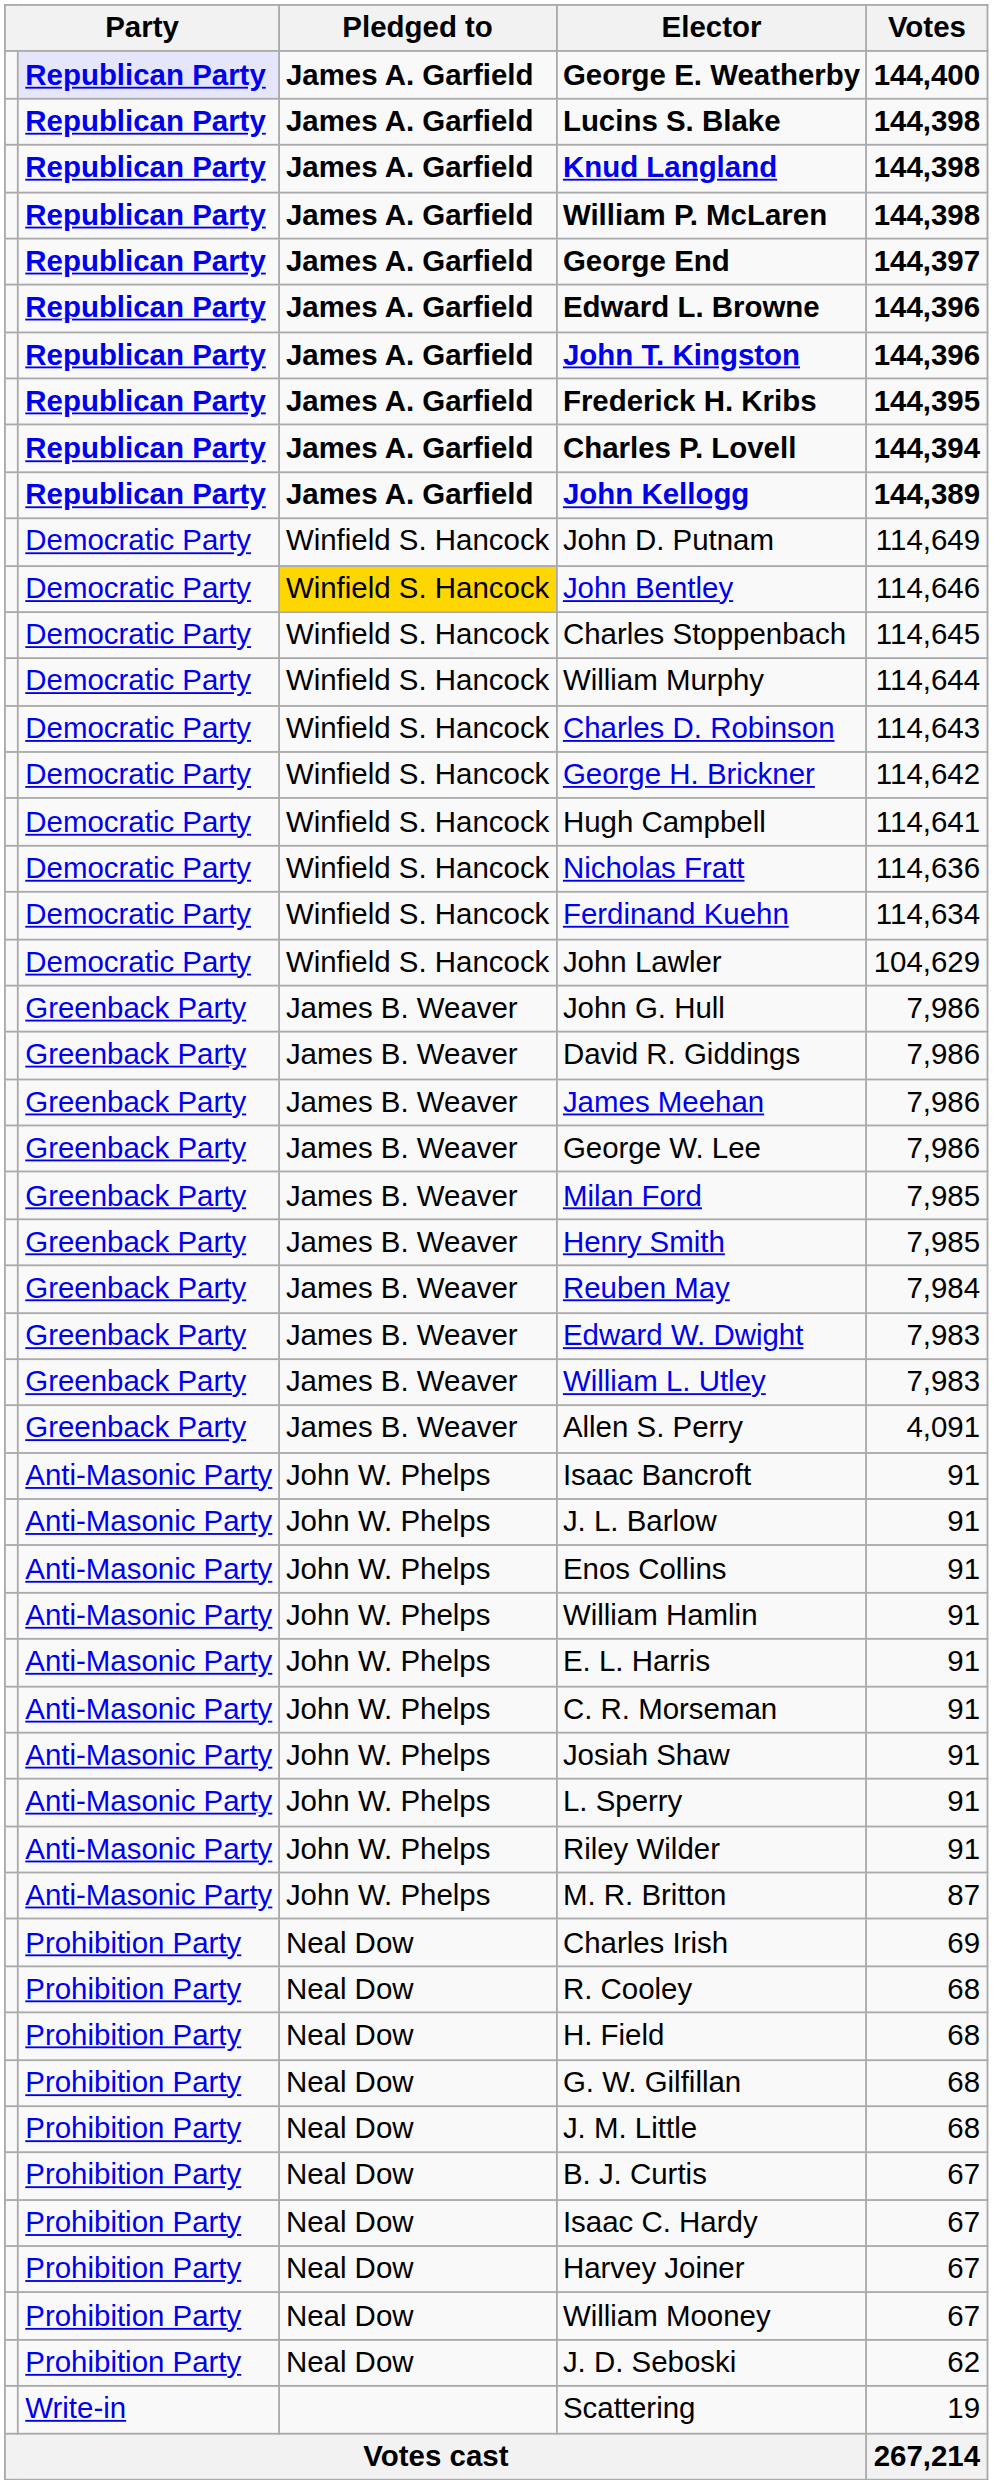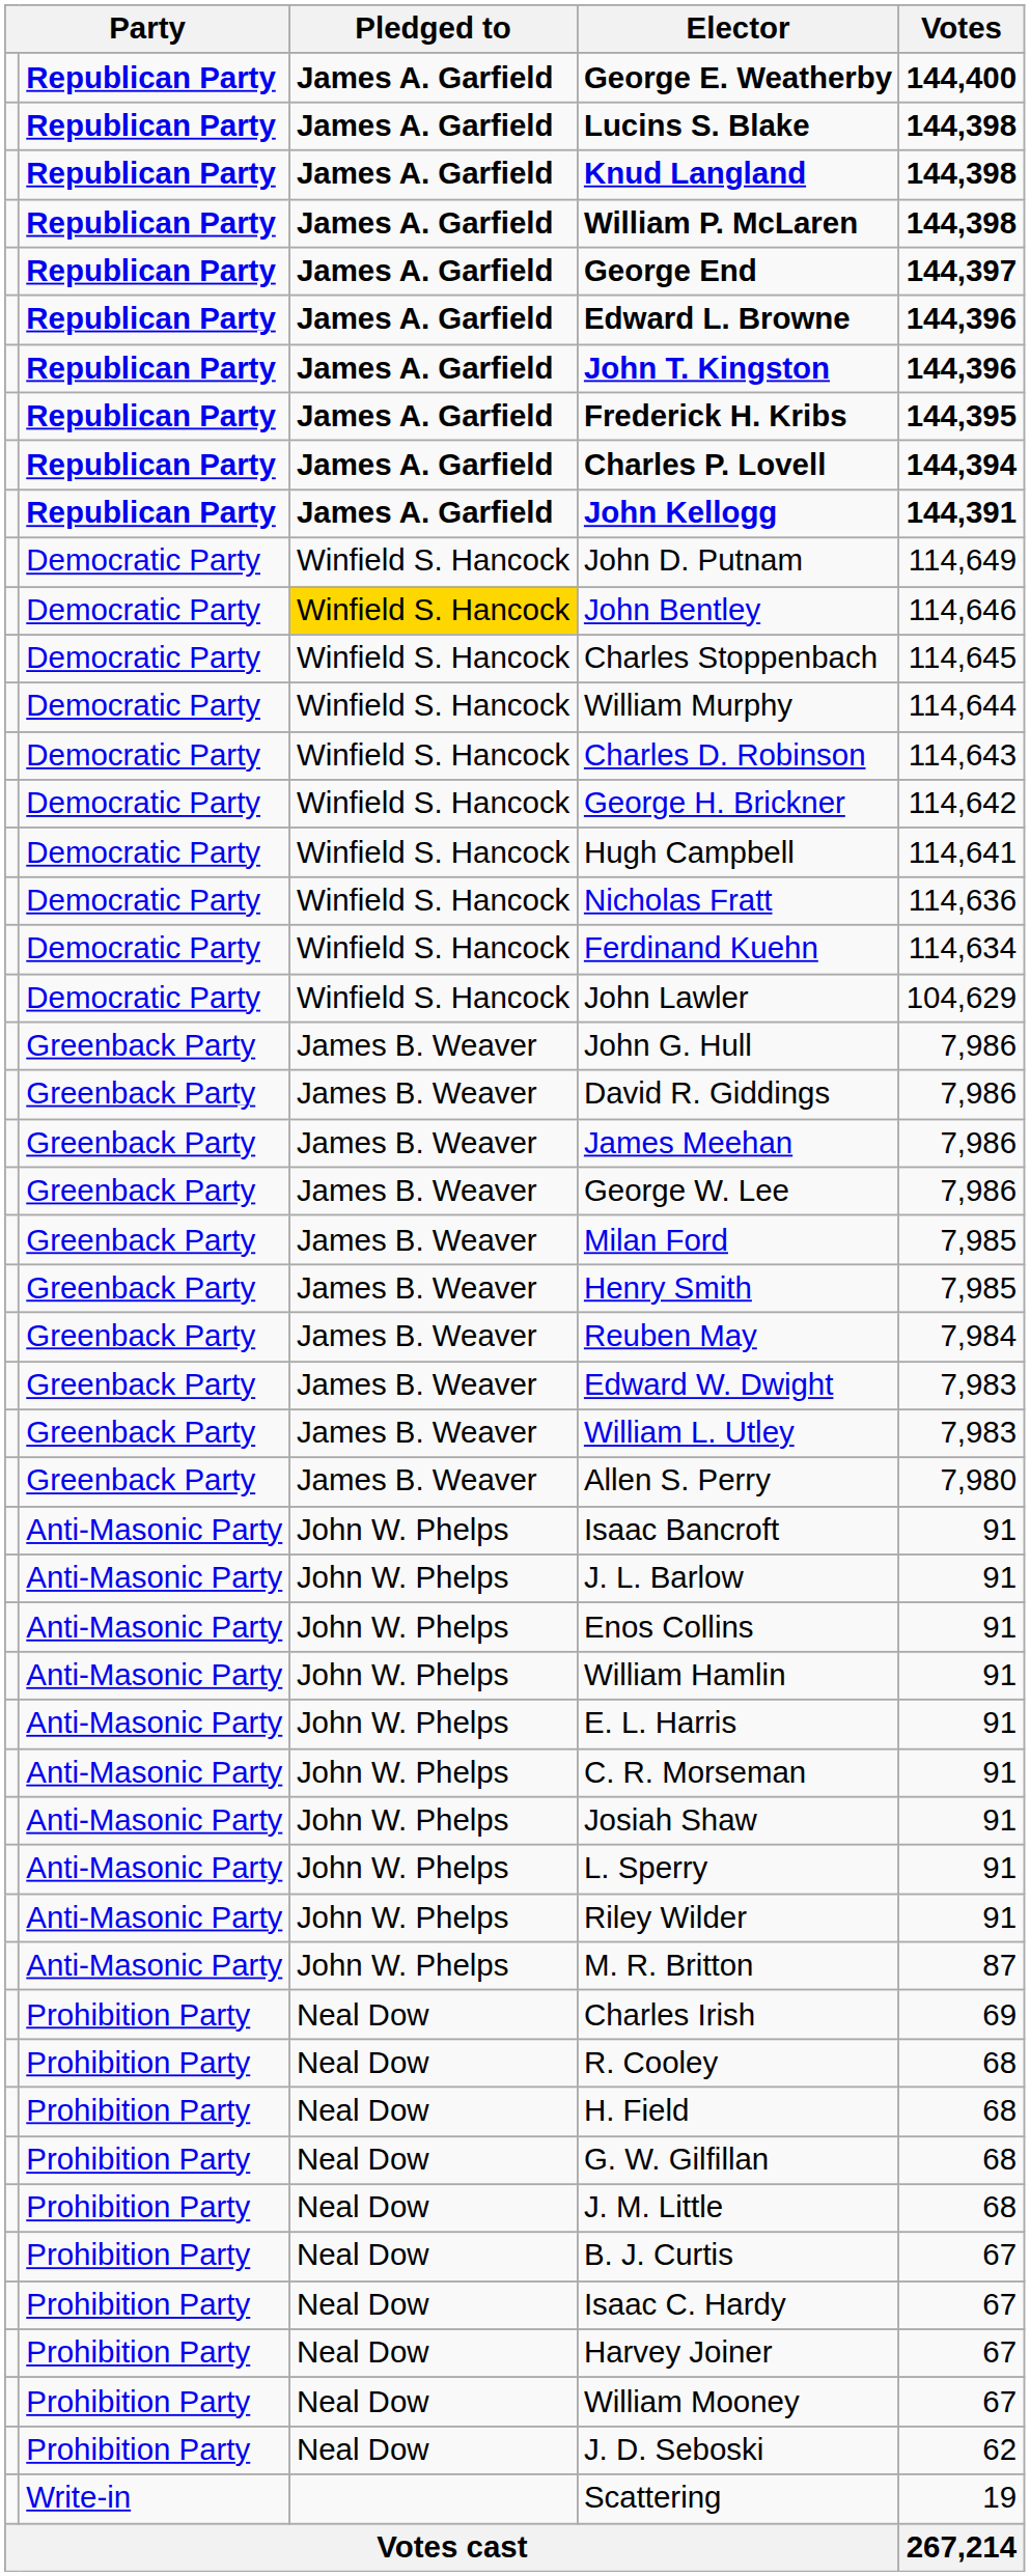 <table class="wikitable">
 <tr>
 <th colspan=2>Party</th>
 <th>Pledged to</th>
 <th>Elector</th>
 <th>Votes</th>
 </tr>
 <tr style="font-weight:bold">
 <td></td>
-<td style="background: lavender;"><a href='#'>Republican Party</a></td>
+<td><a href='#'>Republican Party</a></td>
 <td>James A. Garfield</td>
 <td>George E. Weatherby</td>
 <td align="right">144,400</td>
 </tr>
 <tr style="font-weight:bold">
 <td></td>
 <td><a href='#'>Republican Party</a></td>
 <td>James A. Garfield</td>
 <td>Lucins S. Blake</td>
 <td align="right">144,398</td>
 </tr>
 <tr style="font-weight:bold">
 <td></td>
 <td><a href='#'>Republican Party</a></td>
 <td>James A. Garfield</td>
 <td><a href='#'>Knud Langland</a></td>
 <td align="right">144,398</td>
 </tr>
 <tr style="font-weight:bold">
 <td></td>
 <td><a href='#'>Republican Party</a></td>
 <td>James A. Garfield</td>
 <td>William P. McLaren</td>
 <td align="right">144,398</td>
 </tr>
 <tr style="font-weight:bold">
 <td></td>
 <td><a href='#'>Republican Party</a></td>
 <td>James A. Garfield</td>
 <td>George End</td>
 <td align="right">144,397</td>
 </tr>
 <tr style="font-weight:bold">
 <td></td>
 <td><a href='#'>Republican Party</a></td>
 <td>James A. Garfield</td>
 <td>Edward L. Browne</td>
 <td align="right">144,396</td>
 </tr>
 <tr style="font-weight:bold">
 <td></td>
 <td><a href='#'>Republican Party</a></td>
 <td>James A. Garfield</td>
 <td><a href='#'>John T. Kingston</a></td>
 <td align="right">144,396</td>
 </tr>
 <tr style="font-weight:bold">
 <td></td>
 <td><a href='#'>Republican Party</a></td>
 <td>James A. Garfield</td>
 <td>Frederick H. Kribs</td>
 <td align="right">144,395</td>
 </tr>
 <tr style="font-weight:bold">
 <td></td>
 <td><a href='#'>Republican Party</a></td>
 <td>James A. Garfield</td>
 <td>Charles P. Lovell</td>
 <td align="right">144,394</td>
 </tr>
 <tr style="font-weight:bold">
 <td></td>
 <td><a href='#'>Republican Party</a></td>
 <td>James A. Garfield</td>
 <td><a href='#'>John Kellogg</a></td>
-<td align="right">144,389</td>
+<td align="right">144,391</td>
 </tr>
 <tr>
 <td></td>
 <td><a href='#'>Democratic Party</a></td>
 <td>Winfield S. Hancock</td>
 <td>John D. Putnam</td>
 <td align="right">114,649</td>
 </tr>
 <tr>
 <td></td>
 <td><a href='#'>Democratic Party</a></td>
 <td style="background: gold;">Winfield S. Hancock</td>
 <td><a href='#'>John Bentley</a></td>
 <td align="right">114,646</td>
 </tr>
 <tr>
 <td></td>
 <td><a href='#'>Democratic Party</a></td>
 <td>Winfield S. Hancock</td>
 <td>Charles Stoppenbach</td>
 <td align="right">114,645</td>
 </tr>
 <tr>
 <td></td>
 <td><a href='#'>Democratic Party</a></td>
 <td>Winfield S. Hancock</td>
 <td>William Murphy</td>
 <td align="right">114,644</td>
 </tr>
 <tr>
 <td></td>
 <td><a href='#'>Democratic Party</a></td>
 <td>Winfield S. Hancock</td>
 <td><a href='#'>Charles D. Robinson</a></td>
 <td align="right">114,643</td>
 </tr>
 <tr>
 <td></td>
 <td><a href='#'>Democratic Party</a></td>
 <td>Winfield S. Hancock</td>
 <td><a href='#'>George H. Brickner</a></td>
 <td align="right">114,642</td>
 </tr>
 <tr>
 <td></td>
 <td><a href='#'>Democratic Party</a></td>
 <td>Winfield S. Hancock</td>
 <td>Hugh Campbell</td>
 <td align="right">114,641</td>
 </tr>
 <tr>
 <td></td>
 <td><a href='#'>Democratic Party</a></td>
 <td>Winfield S. Hancock</td>
 <td><a href='#'>Nicholas Fratt</a></td>
 <td align="right">114,636</td>
 </tr>
 <tr>
 <td></td>
 <td><a href='#'>Democratic Party</a></td>
 <td>Winfield S. Hancock</td>
 <td><a href='#'>Ferdinand Kuehn</a></td>
 <td align="right">114,634</td>
 </tr>
 <tr>
 <td></td>
 <td><a href='#'>Democratic Party</a></td>
 <td>Winfield S. Hancock</td>
 <td>John Lawler</td>
 <td align="right">104,629</td>
 </tr>
 <tr>
 <td></td>
 <td><a href='#'>Greenback Party</a></td>
 <td>James B. Weaver</td>
 <td>John G. Hull</td>
 <td align="right">7,986</td>
 </tr>
 <tr>
 <td></td>
 <td><a href='#'>Greenback Party</a></td>
 <td>James B. Weaver</td>
 <td>David R. Giddings</td>
 <td align="right">7,986</td>
 </tr>
 <tr>
 <td></td>
 <td><a href='#'>Greenback Party</a></td>
 <td>James B. Weaver</td>
 <td><a href='#'>James Meehan</a></td>
 <td align="right">7,986</td>
 </tr>
 <tr>
 <td></td>
 <td><a href='#'>Greenback Party</a></td>
 <td>James B. Weaver</td>
 <td>George W. Lee</td>
 <td align="right">7,986</td>
 </tr>
 <tr>
 <td></td>
 <td><a href='#'>Greenback Party</a></td>
 <td>James B. Weaver</td>
 <td><a href='#'>Milan Ford</a></td>
 <td align="right">7,985</td>
 </tr>
 <tr>
 <td></td>
 <td><a href='#'>Greenback Party</a></td>
 <td>James B. Weaver</td>
 <td><a href='#'>Henry Smith</a></td>
 <td align="right">7,985</td>
 </tr>
 <tr>
 <td></td>
 <td><a href='#'>Greenback Party</a></td>
 <td>James B. Weaver</td>
 <td><a href='#'>Reuben May</a></td>
 <td align="right">7,984</td>
 </tr>
 <tr>
 <td></td>
 <td><a href='#'>Greenback Party</a></td>
 <td>James B. Weaver</td>
 <td><a href='#'>Edward W. Dwight</a></td>
 <td align="right">7,983</td>
 </tr>
 <tr>
 <td></td>
 <td><a href='#'>Greenback Party</a></td>
 <td>James B. Weaver</td>
 <td><a href='#'>William L. Utley</a></td>
 <td align="right">7,983</td>
 </tr>
 <tr>
 <td></td>
 <td><a href='#'>Greenback Party</a></td>
 <td>James B. Weaver</td>
 <td>Allen S. Perry</td>
-<td align="right">4,091</td>
+<td align="right">7,980</td>
 </tr>
 <tr>
 <td></td>
 <td><a href='#'>Anti-Masonic Party</a></td>
 <td>John W. Phelps</td>
 <td>Isaac Bancroft</td>
 <td align="right">91</td>
 </tr>
 <tr>
 <td></td>
 <td><a href='#'>Anti-Masonic Party</a></td>
 <td>John W. Phelps</td>
 <td>J. L. Barlow</td>
 <td align="right">91</td>
 </tr>
 <tr>
 <td></td>
 <td><a href='#'>Anti-Masonic Party</a></td>
 <td>John W. Phelps</td>
 <td>Enos Collins</td>
 <td align="right">91</td>
 </tr>
 <tr>
 <td></td>
 <td><a href='#'>Anti-Masonic Party</a></td>
 <td>John W. Phelps</td>
 <td>William Hamlin</td>
 <td align="right">91</td>
 </tr>
 <tr>
 <td></td>
 <td><a href='#'>Anti-Masonic Party</a></td>
 <td>John W. Phelps</td>
 <td>E. L. Harris</td>
 <td align="right">91</td>
 </tr>
 <tr>
 <td></td>
 <td><a href='#'>Anti-Masonic Party</a></td>
 <td>John W. Phelps</td>
 <td>C. R. Morseman</td>
 <td align="right">91</td>
 </tr>
 <tr>
 <td></td>
 <td><a href='#'>Anti-Masonic Party</a></td>
 <td>John W. Phelps</td>
 <td>Josiah Shaw</td>
 <td align="right">91</td>
 </tr>
 <tr>
 <td></td>
 <td><a href='#'>Anti-Masonic Party</a></td>
 <td>John W. Phelps</td>
 <td>L. Sperry</td>
 <td align="right">91</td>
 </tr>
 <tr>
 <td></td>
 <td><a href='#'>Anti-Masonic Party</a></td>
 <td>John W. Phelps</td>
 <td>Riley Wilder</td>
 <td align="right">91</td>
 </tr>
 <tr>
 <td></td>
 <td><a href='#'>Anti-Masonic Party</a></td>
 <td>John W. Phelps</td>
 <td>M. R. Britton</td>
 <td align="right">87</td>
 </tr>
 <tr>
 <td></td>
 <td><a href='#'>Prohibition Party</a></td>
 <td>Neal Dow</td>
 <td>Charles Irish</td>
 <td align="right">69</td>
 </tr>
 <tr>
 <td></td>
 <td><a href='#'>Prohibition Party</a></td>
 <td>Neal Dow</td>
 <td>R. Cooley</td>
 <td align="right">68</td>
 </tr>
 <tr>
 <td></td>
 <td><a href='#'>Prohibition Party</a></td>
 <td>Neal Dow</td>
 <td>H. Field</td>
 <td align="right">68</td>
 </tr>
 <tr>
 <td></td>
 <td><a href='#'>Prohibition Party</a></td>
 <td>Neal Dow</td>
 <td>G. W. Gilfillan</td>
 <td align="right">68</td>
 </tr>
 <tr>
 <td></td>
 <td><a href='#'>Prohibition Party</a></td>
 <td>Neal Dow</td>
 <td>J. M. Little</td>
 <td align="right">68</td>
 </tr>
 <tr>
 <td></td>
 <td><a href='#'>Prohibition Party</a></td>
 <td>Neal Dow</td>
 <td>B. J. Curtis</td>
 <td align="right">67</td>
 </tr>
 <tr>
 <td></td>
 <td><a href='#'>Prohibition Party</a></td>
 <td>Neal Dow</td>
 <td>Isaac C. Hardy</td>
 <td align="right">67</td>
 </tr>
 <tr>
 <td></td>
 <td><a href='#'>Prohibition Party</a></td>
 <td>Neal Dow</td>
 <td>Harvey Joiner</td>
 <td align="right">67</td>
 </tr>
 <tr>
 <td></td>
 <td><a href='#'>Prohibition Party</a></td>
 <td>Neal Dow</td>
 <td>William Mooney</td>
 <td align="right">67</td>
 </tr>
 <tr>
 <td></td>
 <td><a href='#'>Prohibition Party</a></td>
 <td>Neal Dow</td>
 <td>J. D. Seboski</td>
 <td align="right">62</td>
 </tr>
 <tr>
 <td></td>
 <td><a href='#'>Write-in</a></td>
 <td></td>
 <td>Scattering</td>
 <td align="right">19</td>
 </tr>
 <tr>
 <th colspan="4">Votes cast</th>
 <th>267,214</th>
 </tr>
 </table>
